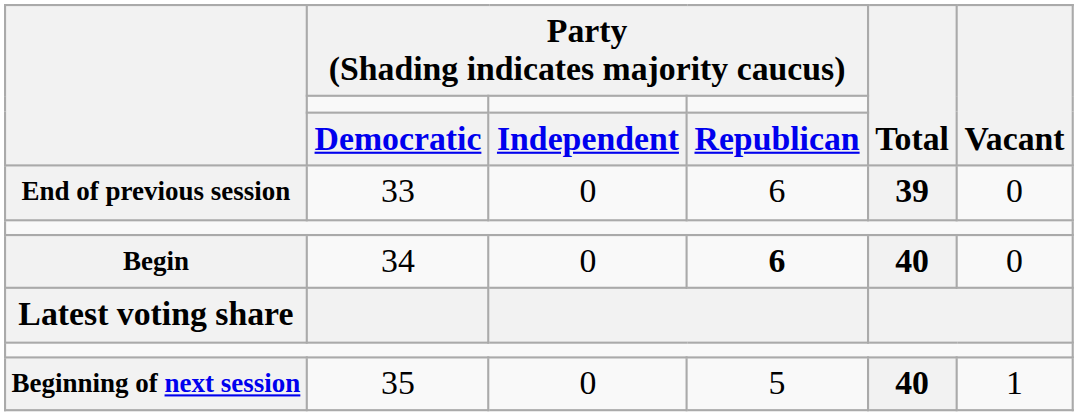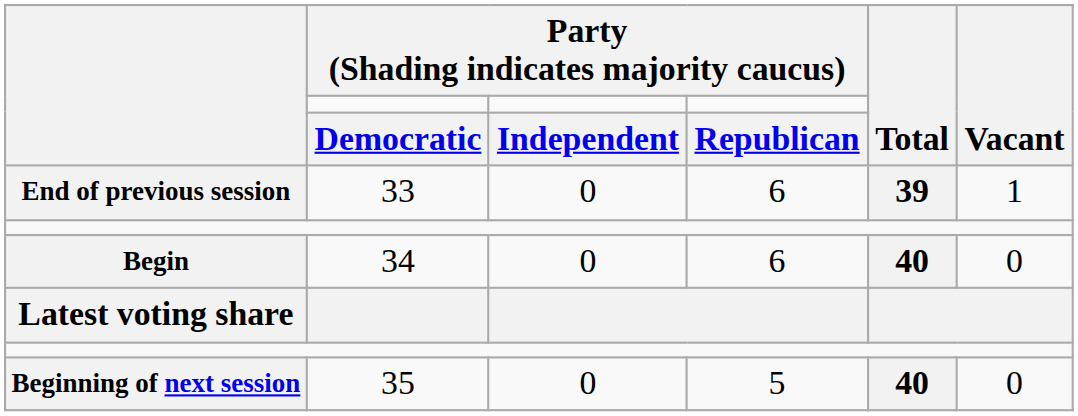 <table class=wikitable style="text-align:center">
 <tr style="vertical-align:bottom;">
 <th rowspan=3></th>
 <th colspan=3>Party <div>(Shading indicates majority caucus)</div></th>
 <th rowspan=3>Total</th>
 <th rowspan=3>Vacant</th>
 </tr>
 <tr style="height:5px">
 <td style="background-color:"></td>
 <td style="background-color:"></td>
 <td style="background-color:"></td>
 </tr>
 <tr>
 <th><a href='#'>Democratic</a></th>
 <th><a href='#'>Independent</a></th>
 <th><a href='#'>Republican</a></th>
 </tr>
 <tr>
 <th nowrap style="font-size:80%">End of previous session</th>
 <td>33</td>
 <td>0</td>
 <td>6</td>
 <th>39</th>
-<td>0</td>
+<td>1</td>
 </tr>
 <tr>
 <td colspan=6></td>
 </tr>
 <tr>
 <th style="font-size:80%">Begin</th>
 <td>34</td>
 <td>0</td>
-<td><strong>6</strong></td>
+<td>6</td>
 <th>40</th>
 <td>0</td>
 </tr>
 <tr>
 <th>Latest voting share</th>
 <th></th>
 <th colspan=2></th>
 <th colspan=2></th>
 </tr>
 <tr>
 <td colspan=6></td>
 </tr>
 <tr>
 <th style="white-space:nowrap; font-size:80%;">Beginning of <a href='#'>next session</a></th>
 <td>35</td>
 <td>0</td>
 <td>5</td>
 <th>40</th>
-<td>1</td>
+<td>0</td>
 </tr>
 </table>
